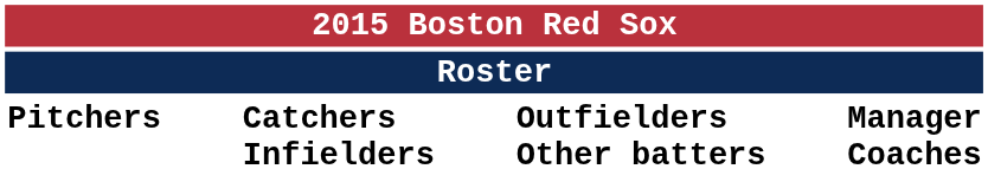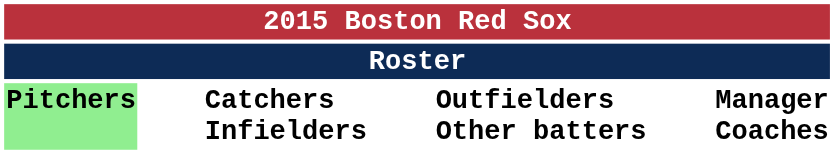 <table class="toccolours" style="text-align: left;">
 <tr>
 <th colspan="10" style="background-color: #ba313c; color: #FFFFFF; text-align: center;">2015 Boston Red Sox</th>
 </tr>
 <tr>
 <td colspan="10" style="background-color:#0d2b56; color: white; text-align: center;"><strong>Roster</strong></td>
 </tr>
 <tr>
-<td valign="top"><strong>Pitchers</strong><br>                         </td>
+<td valign="top" style="background: lightgreen;"><strong>Pitchers</strong><br>                         </td>
 <td width="25px"></td>
 <td valign="top"><strong>Catchers</strong><br>   <strong>Infielders</strong>            </td>
 <td width="25px"></td>
 <td valign="top"><strong>Outfielders</strong><br>         <strong>Other batters</strong> </td>
 <td width="25px"></td>
 <td valign="top"><strong>Manager</strong><br>  <strong>Coaches</strong>                    </td>
 </tr>
 </table>
